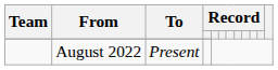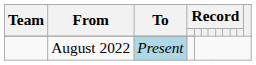 <table class="wikitable" style="text-align: center">
 <tr>
 <th rowspan="2">Team</th>
 <th rowspan="2">From</th>
 <th rowspan="2">To</th>
 <th colspan="8">Record</th>
 <th rowspan=2></th>
 </tr>
 <tr>
 <th></th>
 <th></th>
 <th></th>
 <th></th>
 <th></th>
 <th></th>
 <th></th>
 <th></th>
 </tr>
 <tr>
 </tr>
 <tr>
 <td></td>
 <td>August 2022</td>
-<td><em>Present</em><br></td>
+<td style="background: lightblue;"><em>Present</em><br></td>
 <td></td>
 </tr>
 </table>
